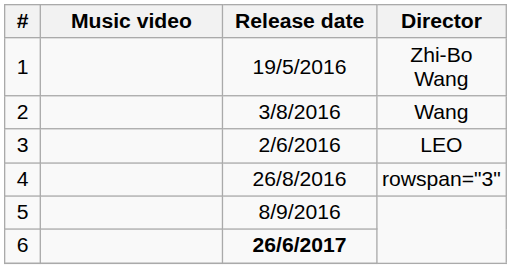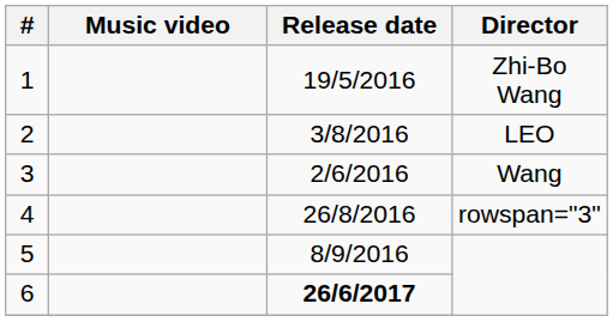 <table class="wikitable">
 <tr>
 <th align="center" width="20px">#</th>
 <th align="center" width="130px">Music video</th>
 <th align="center" width="110px">Release date</th>
 <th align="center" width="90px">Director</th>
 </tr>
 <tr align=center>
 <td>1</td>
 <td></td>
 <td>19/5/2016</td>
 <td>Zhi-Bo Wang</td>
 </tr>
 <tr align=center>
 <td>2</td>
 <td></td>
 <td>3/8/2016</td>
-<td>Wang</td>
+<td>LEO</td>
 </tr>
 <tr align=center>
 <td>3</td>
 <td></td>
 <td>2/6/2016</td>
-<td>LEO</td>
+<td>Wang</td>
 </tr>
 <tr align=center>
 <td>4</td>
 <td></td>
 <td>26/8/2016</td>
 <td>rowspan="3" </td>
 </tr>
 <tr align=center>
 <td>5</td>
 <td></td>
 <td>8/9/2016</td>
 </tr>
 <tr align=center>
 <td>6</td>
 <td></td>
 <td><strong>26/6/2017</strong></td>
 </tr>
 <tr>
 </tr>
 </table>
